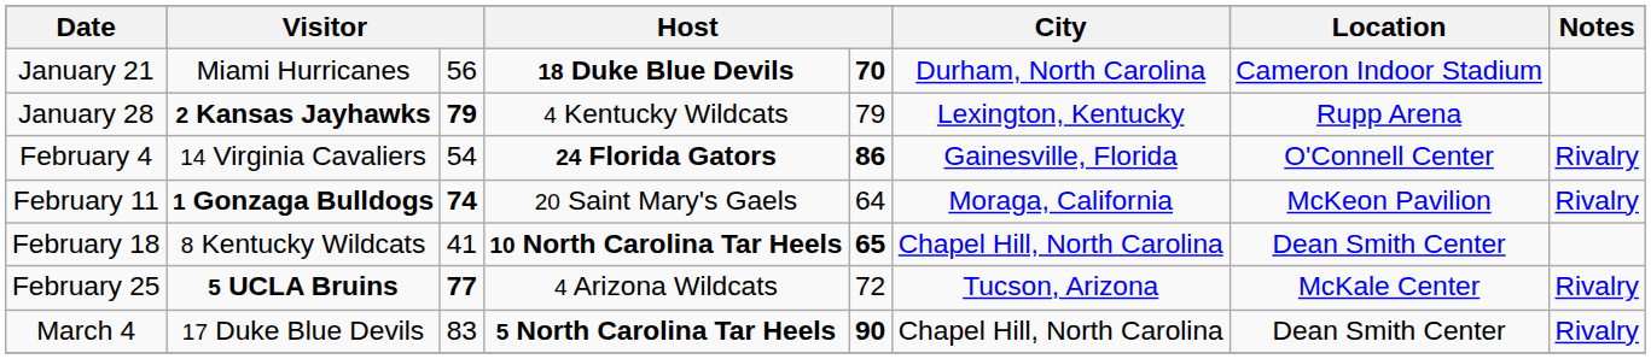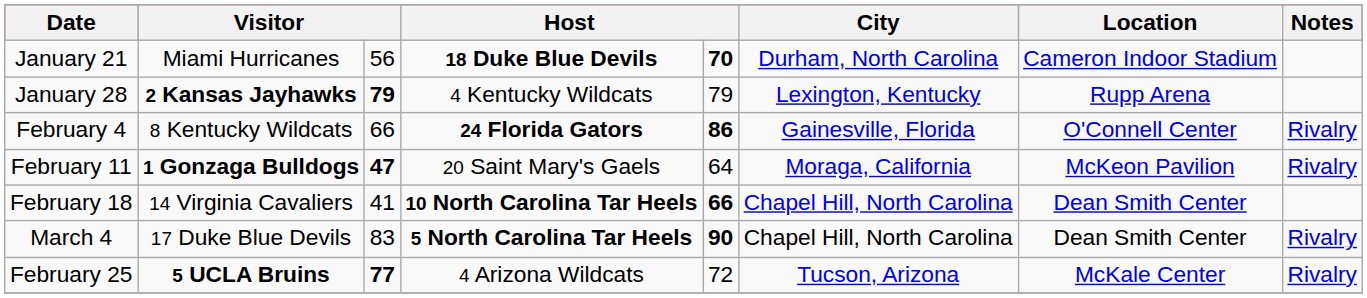 <table class="wikitable" style="text-align:center">
 <tr style="background:#A32638;"|>
 <th>Date</th>
 <th colspan=2>Visitor</th>
 <th colspan=2>Host</th>
 <th>City</th>
 <th>Location</th>
 <th>Notes</th>
 </tr>
 <tr>
 <td>January 21</td>
 <td>Miami Hurricanes</td>
 <td>56</td>
 <td><strong><small>18</small> Duke Blue Devils</strong></td>
 <td><strong>70</strong></td>
 <td><a href='#'>Durham, North Carolina</a></td>
 <td><a href='#'>Cameron Indoor Stadium</a></td>
 <td></td>
 </tr>
 <tr>
 <td>January 28</td>
 <td><strong><small>2</small> Kansas Jayhawks</strong></td>
 <td><strong>79</strong></td>
 <td><small>4</small> Kentucky Wildcats</td>
 <td>79</td>
 <td><a href='#'>Lexington, Kentucky</a></td>
 <td><a href='#'>Rupp Arena</a></td>
 <td></td>
 </tr>
 <tr>
 <td>February 4</td>
-<td><small>14</small> Virginia Cavaliers</td>
-<td>54</td>
+<td><small>8</small> Kentucky Wildcats</td>
+<td>66</td>
 <td><strong><small>24</small> Florida Gators</strong></td>
 <td><strong>86</strong></td>
 <td><a href='#'>Gainesville, Florida</a></td>
 <td><a href='#'>O'Connell Center</a></td>
 <td><a href='#'>Rivalry</a></td>
 </tr>
 <tr>
 <td>February 11</td>
 <td><strong><small>1</small> Gonzaga Bulldogs</strong></td>
-<td><strong>74</strong></td>
+<td><strong>47</strong></td>
 <td><small>20</small> Saint Mary's Gaels</td>
 <td>64</td>
 <td><a href='#'>Moraga, California</a></td>
 <td><a href='#'>McKeon Pavilion</a></td>
 <td><a href='#'>Rivalry</a></td>
 </tr>
 <tr>
 <td>February 18</td>
-<td><small>8</small> Kentucky Wildcats</td>
+<td><small>14</small> Virginia Cavaliers</td>
 <td>41</td>
 <td><strong><small>10</small> North Carolina Tar Heels</strong></td>
-<td><strong>65</strong></td>
+<td><strong>66</strong></td>
 <td><a href='#'>Chapel Hill, North Carolina</a></td>
 <td><a href='#'>Dean Smith Center</a></td>
 <td></td>
+</tr>
+<tr>
+<td>March 4</td>
+<td><small>17</small> Duke Blue Devils</td>
+<td>83</td>
+<td><strong><small>5</small> North Carolina Tar Heels</strong></td>
+<td><strong>90</strong></td>
+<td>Chapel Hill, North Carolina</td>
+<td>Dean Smith Center</td>
+<td><a href='#'>Rivalry</a></td>
 </tr>
 <tr>
 <td>February 25</td>
 <td><strong><small>5</small> UCLA Bruins</strong></td>
 <td><strong>77</strong></td>
 <td><small>4</small> Arizona Wildcats</td>
 <td>72</td>
 <td><a href='#'>Tucson, Arizona</a></td>
 <td><a href='#'>McKale Center</a></td>
 <td><a href='#'>Rivalry</a></td>
 </tr>
 <tr>
-<td>March 4</td>
-<td><small>17</small> Duke Blue Devils</td>
-<td>83</td>
-<td><strong><small>5</small> North Carolina Tar Heels</strong></td>
-<td><strong>90</strong></td>
-<td>Chapel Hill, North Carolina</td>
-<td>Dean Smith Center</td>
-<td><a href='#'>Rivalry</a></td>
-</tr>
-<tr>
 </tr>
 </table>
